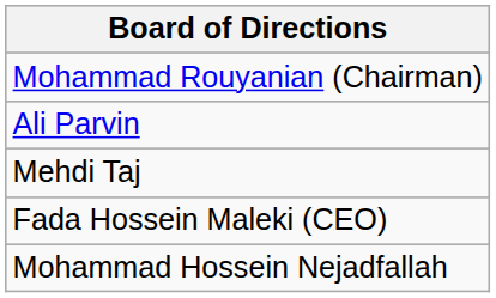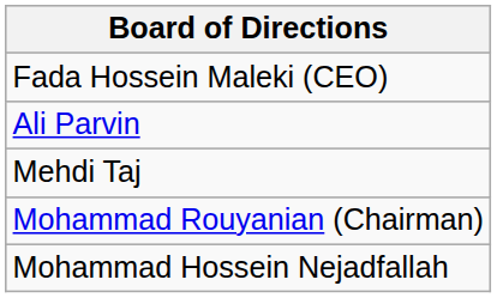 <table class="wikitable" "align: right;">
 <tr>
 <th>Board of Directions</th>
 </tr>
 <tr>
-<td> <a href='#'>Mohammad Rouyanian</a> (Chairman)</td>
+<td> Fada Hossein Maleki (CEO)</td>
 </tr>
 <tr>
 <td> <a href='#'>Ali Parvin</a></td>
 </tr>
 <tr>
 <td> Mehdi Taj</td>
 </tr>
 <tr>
-<td> Fada Hossein Maleki (CEO)</td>
+<td> <a href='#'>Mohammad Rouyanian</a> (Chairman)</td>
 </tr>
 <tr>
 <td> Mohammad Hossein Nejadfallah</td>
 </tr>
 </table>
